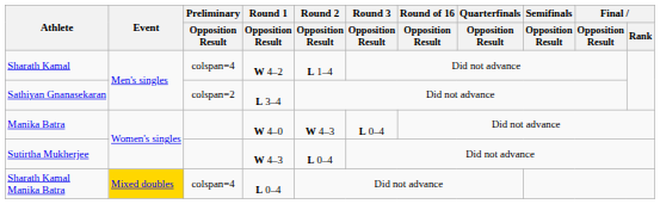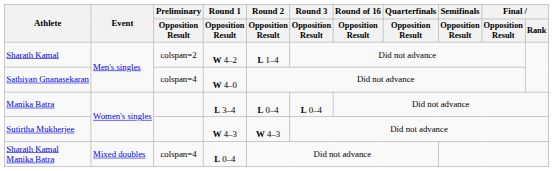 <table class="wikitable" style="font-size:90%;">
 <tr>
 <th rowspan=2>Athlete</th>
 <th rowspan=2>Event</th>
 <th>Preliminary</th>
 <th>Round 1</th>
 <th>Round 2</th>
 <th>Round 3</th>
 <th>Round of 16</th>
 <th>Quarterfinals</th>
 <th>Semifinals</th>
 <th colspan=2>Final / </th>
 </tr>
 <tr style="font-size:95%">
 <th>Opposition <br> Result</th>
 <th>Opposition <br> Result</th>
 <th>Opposition <br> Result</th>
 <th>Opposition <br> Result</th>
 <th>Opposition <br> Result</th>
 <th>Opposition <br> Result</th>
 <th>Opposition <br> Result</th>
 <th>Opposition <br> Result</th>
 <th>Rank</th>
 </tr>
 <tr align=center>
 <td align=left><a href='#'>Sharath Kamal</a></td>
 <td align=left rowspan =2><a href='#'>Men's singles</a></td>
-<td>colspan=4 </td>
+<td>colspan=2 </td>
 <td> <br> <strong>W</strong> 4–2</td>
 <td> <br> <strong>L</strong> 1–4</td>
 <td colspan="5">Did not advance</td>
 </tr>
 <tr align=center>
 <td align=left><a href='#'>Sathiyan Gnanasekaran</a></td>
-<td>colspan=2 </td>
-<td> <br> <strong>L</strong> 3–4</td>
+<td>colspan=4 </td>
+<td> <br> <strong>W</strong> 4–0</td>
 <td colspan="6">Did not advance</td>
 </tr>
 <tr align=center>
 <td align=left><a href='#'>Manika Batra</a></td>
 <td align=left rowspan =2><a href='#'>Women's singles</a></td>
 <td></td>
-<td> <br> <strong>W</strong> 4–0</td>
-<td> <br> <strong>W</strong> 4–3</td>
+<td> <br> <strong>L</strong> 3–4</td>
+<td> <br> <strong>L</strong> 0–4</td>
 <td> <br> <strong>L</strong> 0–4</td>
 <td colspan="5">Did not advance</td>
 </tr>
 <tr align=center>
 <td align=left><a href='#'>Sutirtha Mukherjee</a></td>
 <td></td>
 <td> <br> <strong>W</strong> 4–3</td>
-<td> <br> <strong>L</strong> 0–4</td>
+<td> <br> <strong>W</strong> 4–3</td>
 <td colspan="6">Did not advance</td>
 </tr>
 <tr align=center>
 <td align=left><a href='#'>Sharath Kamal</a> <br> <a href='#'>Manika Batra</a></td>
-<td align=left style="background: gold;"><a href='#'>Mixed doubles</a></td>
+<td align=left><a href='#'>Mixed doubles</a></td>
 <td>colspan=4 </td>
 <td> <br> <strong>L</strong> 0–4</td>
 <td colspan="4">Did not advance</td>
 </tr>
 </table>
